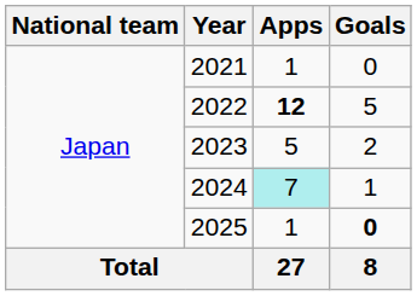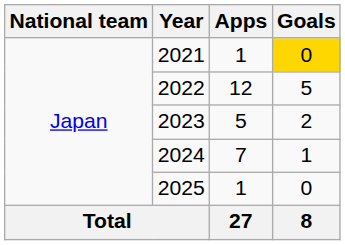 <table class="wikitable" style="text-align:center">
 <tr>
 <th>National team</th>
 <th>Year</th>
 <th>Apps</th>
 <th>Goals</th>
 </tr>
 <tr>
 <td rowspan="5"><a href='#'>Japan</a></td>
 <td>2021</td>
 <td>1</td>
-<td>0</td>
+<td style="background: gold;">0</td>
 </tr>
 <tr>
 <td>2022</td>
-<td><strong>12</strong></td>
+<td>12</td>
 <td>5</td>
 </tr>
 <tr>
 <td>2023</td>
 <td>5</td>
 <td>2</td>
 </tr>
 <tr>
 <td>2024</td>
-<td style="background: paleturquoise;">7</td>
+<td>7</td>
 <td>1</td>
 </tr>
 <tr>
 <td>2025</td>
 <td>1</td>
-<td><strong>0</strong></td>
+<td>0</td>
 </tr>
 <tr>
 <th colspan="2">Total</th>
 <th>27</th>
 <th>8</th>
 </tr>
 </table>
